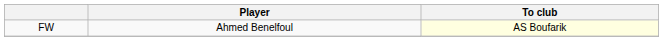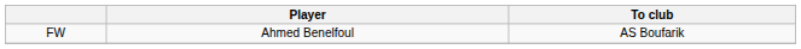 <table class="wikitable sortable" style="width:70%; text-align:center; font-size:85%; text-align:centre;">
 <tr>
 <th></th>
 <th>Player</th>
 <th>To club</th>
 </tr>
 <tr>
 <td>FW</td>
 <td>Ahmed Benelfoul</td>
-<td style="background: lightyellow;">AS Boufarik</td>
+<td>AS Boufarik</td>
 </tr>
 <tr>
 </tr>
 </table>
